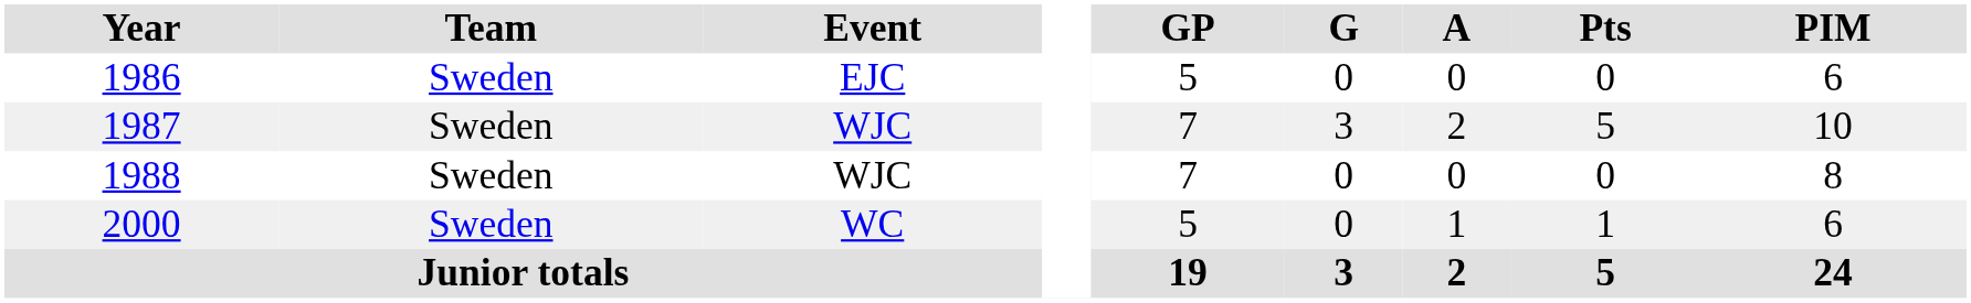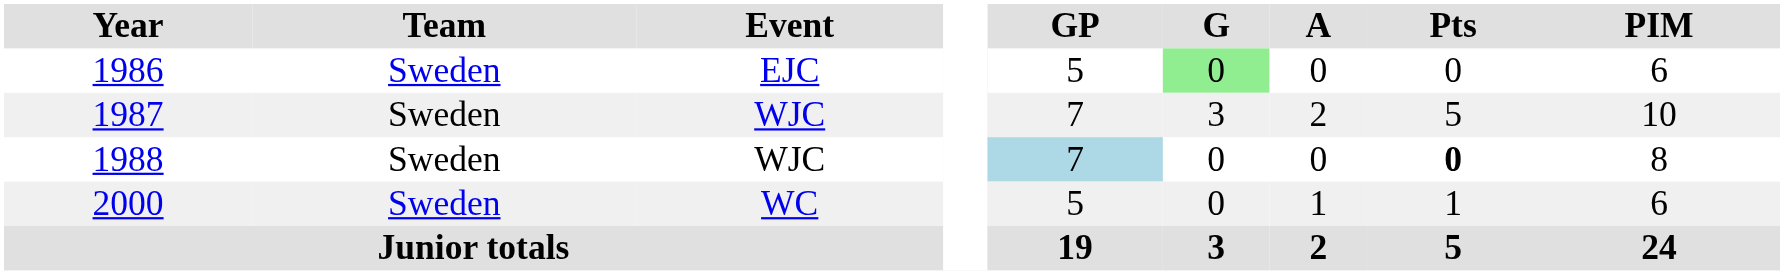 <table border="0" cellpadding="1" cellspacing="0" style="text-align:center; width:50em">
 <tr ALIGN="center" bgcolor="#e0e0e0">
 <th>Year</th>
 <th>Team</th>
 <th>Event</th>
 <th rowspan="99" bgcolor="#ffffff"> </th>
 <th>GP</th>
 <th>G</th>
 <th>A</th>
 <th>Pts</th>
 <th>PIM</th>
 </tr>
 <tr>
 <td><a href='#'>1986</a></td>
 <td><a href='#'>Sweden</a></td>
 <td><a href='#'>EJC</a></td>
 <td>5</td>
-<td>0</td>
+<td style="background: lightgreen;">0</td>
 <td>0</td>
 <td>0</td>
 <td>6</td>
 </tr>
 <tr bgcolor="#f0f0f0">
 <td><a href='#'>1987</a></td>
 <td>Sweden</td>
 <td><a href='#'>WJC</a></td>
 <td>7</td>
 <td>3</td>
 <td>2</td>
 <td>5</td>
 <td>10</td>
 </tr>
 <tr>
 <td><a href='#'>1988</a></td>
 <td>Sweden</td>
 <td>WJC</td>
-<td>7</td>
+<td style="background: lightblue;">7</td>
 <td>0</td>
 <td>0</td>
-<td>0</td>
+<td><strong>0</strong></td>
 <td>8</td>
 </tr>
 <tr bgcolor="#f0f0f0">
 <td><a href='#'>2000</a></td>
 <td><a href='#'>Sweden</a></td>
 <td><a href='#'>WC</a></td>
 <td>5</td>
 <td>0</td>
 <td>1</td>
 <td>1</td>
 <td>6</td>
 </tr>
 <tr bgcolor="#e0e0e0">
 <th colspan=3>Junior totals</th>
 <th>19</th>
 <th>3</th>
 <th>2</th>
 <th>5</th>
 <th>24</th>
 </tr>
 </table>
